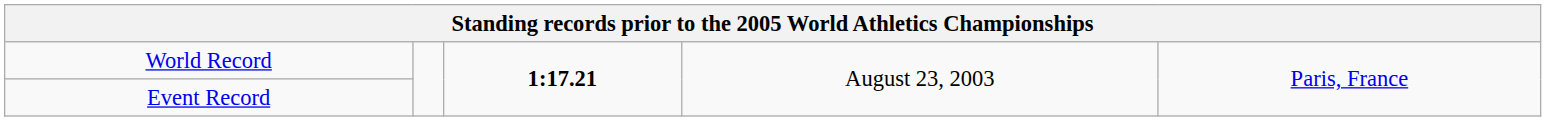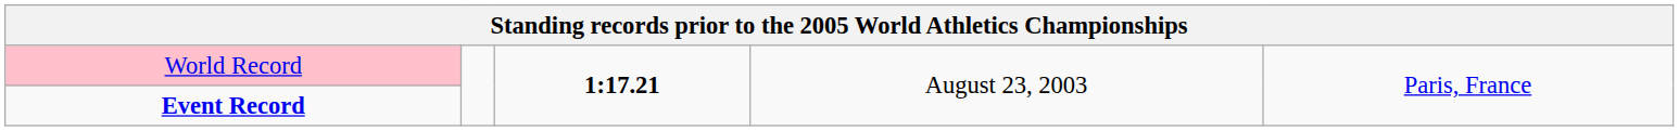 <table class="wikitable" style=" text-align:center; font-size:110%;" width="95%">
 <tr>
 <th colspan="5">Standing records prior to the 2005 World Athletics Championships</th>
 </tr>
 <tr>
-<td><a href='#'>World Record</a></td>
+<td style="background: pink;"><a href='#'>World Record</a></td>
 <td rowspan=2></td>
 <td rowspan=2><strong>1:17.21</strong></td>
 <td rowspan=2>August 23, 2003</td>
 <td rowspan=2> <a href='#'>Paris, France</a></td>
 </tr>
 <tr>
-<td><a href='#'>Event Record</a></td>
+<td><strong><a href='#'>Event Record</a></strong></td>
 </tr>
 </table>
